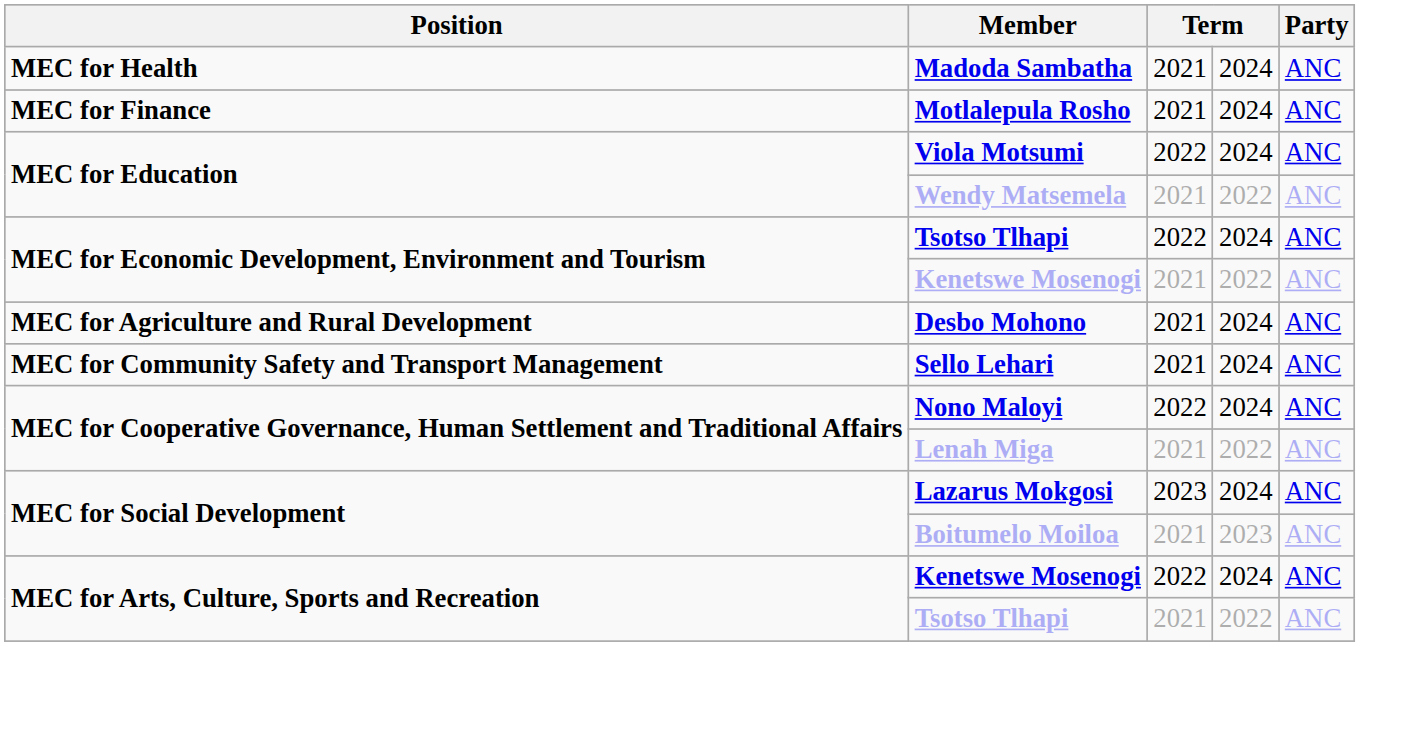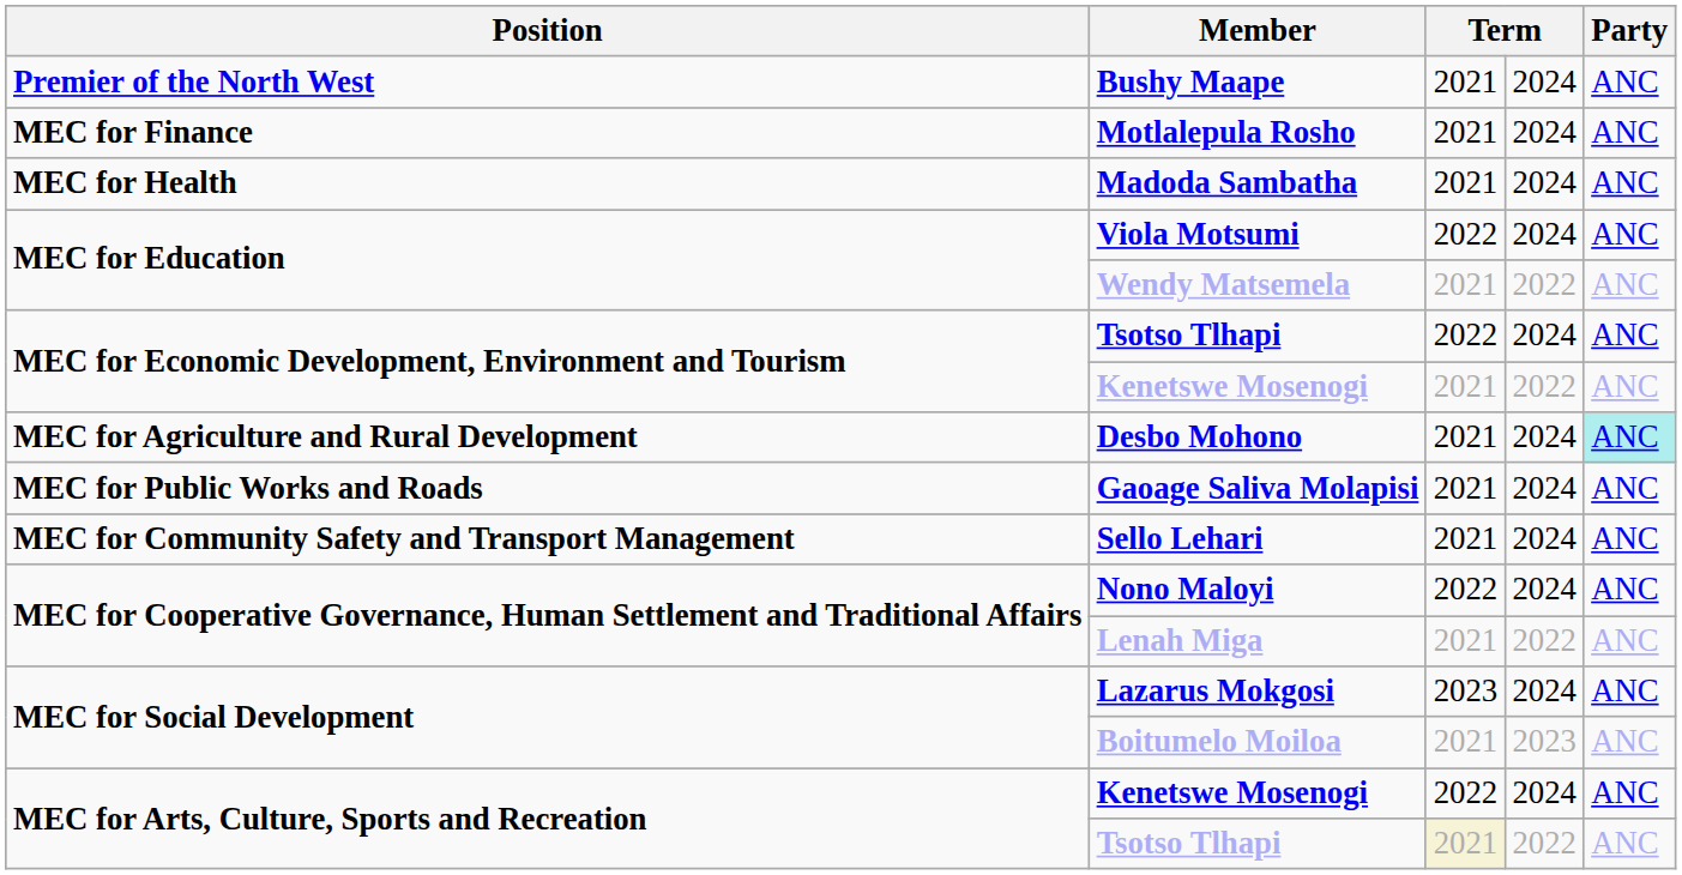 <table class="wikitable">
 <tr>
 <th>Position</th>
 <th>Member</th>
 <th colspan="2">Term</th>
 <th>Party</th>
 </tr>
 <tr>
-<td><strong>MEC for Health</strong></td>
-<td><strong><a href='#'>Madoda Sambatha</a></strong></td>
+<td><strong><a href='#'>Premier of the North West</a></strong></td>
+<td><strong><a href='#'>Bushy Maape</a></strong></td>
 <td>2021</td>
 <td>2024</td>
 <td><a href='#'>ANC</a></td>
 </tr>
 <tr>
 <td><strong>MEC for Finance</strong></td>
 <td><strong><a href='#'>Motlalepula Rosho</a></strong></td>
+<td>2021</td>
+<td>2024</td>
+<td><a href='#'>ANC</a></td>
+</tr>
+<tr>
+<td><strong>MEC for Health</strong></td>
+<td><strong><a href='#'>Madoda Sambatha</a></strong></td>
 <td>2021</td>
 <td>2024</td>
 <td><a href='#'>ANC</a></td>
 </tr>
 <tr>
 <td rowspan="2"><strong>MEC for Education</strong></td>
 <td><strong><a href='#'>Viola Motsumi</a></strong></td>
 <td>2022</td>
 <td>2024</td>
 <td><a href='#'>ANC</a></td>
 </tr>
 <tr style="opacity:.3;">
 <td><strong><a href='#'>Wendy Matsemela</a></strong></td>
 <td>2021</td>
 <td>2022</td>
 <td><a href='#'>ANC</a></td>
 </tr>
 <tr>
 <td rowspan="2"><strong>MEC for Economic Development, Environment and Tourism</strong></td>
 <td><strong><a href='#'>Tsotso Tlhapi</a></strong></td>
 <td>2022</td>
 <td>2024</td>
 <td><a href='#'>ANC</a></td>
 </tr>
 <tr style="opacity:.3;">
 <td><strong><a href='#'>Kenetswe Mosenogi</a></strong></td>
 <td>2021</td>
 <td>2022</td>
 <td><a href='#'>ANC</a></td>
 </tr>
 <tr>
 <td><strong>MEC for Agriculture and Rural Development</strong></td>
 <td><strong><a href='#'>Desbo Mohono</a></strong></td>
+<td>2021</td>
+<td>2024</td>
+<td style="background: paleturquoise;"><a href='#'>ANC</a></td>
+</tr>
+<tr>
+<td><strong>MEC for Public Works and Roads</strong></td>
+<td><strong><a href='#'>Gaoage Saliva Molapisi</a></strong></td>
 <td>2021</td>
 <td>2024</td>
 <td><a href='#'>ANC</a></td>
 </tr>
 <tr>
 <td><strong>MEC for Community Safety and Transport Management</strong></td>
 <td><strong><a href='#'>Sello Lehari</a></strong></td>
 <td>2021</td>
 <td>2024</td>
 <td><a href='#'>ANC</a></td>
 </tr>
 <tr>
 <td rowspan="2"><strong>MEC for Cooperative Governance, Human Settlement and Traditional Affairs</strong></td>
 <td><strong><a href='#'>Nono Maloyi</a></strong></td>
 <td>2022</td>
 <td>2024</td>
 <td><a href='#'>ANC</a></td>
 </tr>
 <tr style="opacity:.3;">
 <td><strong><a href='#'>Lenah Miga</a></strong></td>
 <td>2021</td>
 <td>2022</td>
 <td><a href='#'>ANC</a></td>
 </tr>
 <tr>
 <td rowspan="2"><strong>MEC for Social Development</strong></td>
 <td><strong><a href='#'>Lazarus Mokgosi</a></strong></td>
 <td>2023</td>
 <td>2024</td>
 <td><a href='#'>ANC</a></td>
 </tr>
 <tr style="opacity:.3;">
 <td><strong><a href='#'>Boitumelo Moiloa</a></strong></td>
 <td>2021</td>
 <td>2023</td>
 <td><a href='#'>ANC</a></td>
 </tr>
 <tr>
 <td rowspan="2"><strong>MEC for Arts, Culture, Sports and Recreation</strong></td>
 <td><strong><a href='#'>Kenetswe Mosenogi</a></strong></td>
 <td>2022</td>
 <td>2024</td>
 <td><a href='#'>ANC</a></td>
 </tr>
 <tr style="opacity:.3;">
 <td><strong><a href='#'>Tsotso Tlhapi</a></strong></td>
-<td>2021</td>
+<td style="background: khaki;">2021</td>
 <td>2022</td>
 <td><a href='#'>ANC</a></td>
 </tr>
 </table>
